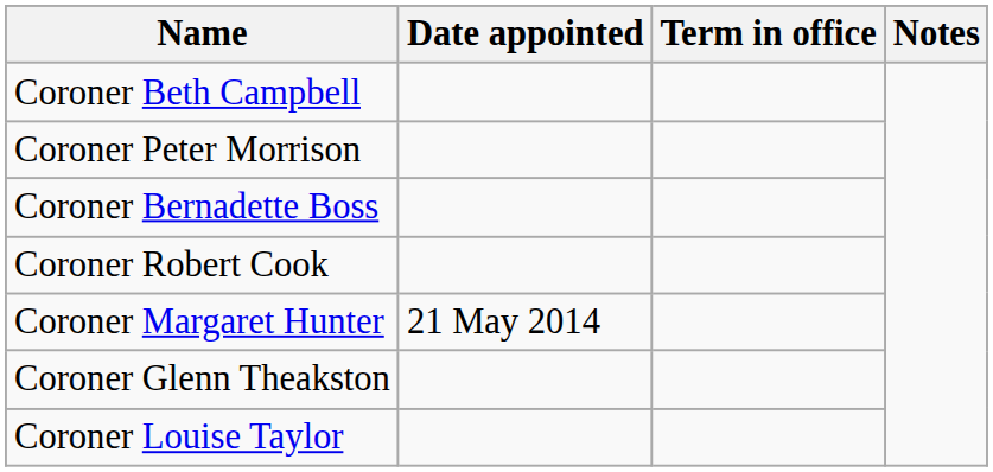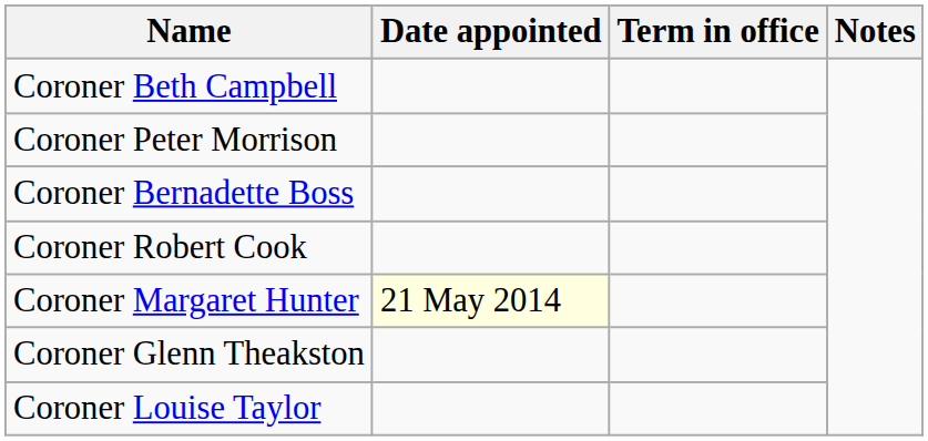 <table class="wikitable">
 <tr>
 <th>Name</th>
 <th>Date appointed</th>
 <th>Term in office</th>
 <th>Notes</th>
 </tr>
 <tr>
 <td>Coroner <a href='#'>Beth Campbell</a></td>
 <td></td>
 <td align="right"></td>
 <td rowspan="7"></td>
 </tr>
 <tr>
 <td>Coroner Peter Morrison</td>
 <td></td>
 <td align="right"></td>
 </tr>
 <tr>
 <td>Coroner <a href='#'>Bernadette Boss</a></td>
 <td></td>
 <td align="right"></td>
 </tr>
 <tr>
 <td>Coroner Robert Cook</td>
 <td></td>
 <td align="right"></td>
 </tr>
 <tr>
 <td>Coroner <a href='#'>Margaret Hunter</a> </td>
-<td>21 May 2014</td>
+<td style="background: lightyellow;">21 May 2014</td>
 <td></td>
 </tr>
 <tr>
 <td>Coroner Glenn Theakston</td>
 <td></td>
 <td align="right"></td>
 </tr>
 <tr>
 <td>Coroner <a href='#'>Louise Taylor</a></td>
 <td></td>
 <td align="right"></td>
 </tr>
 </table>
